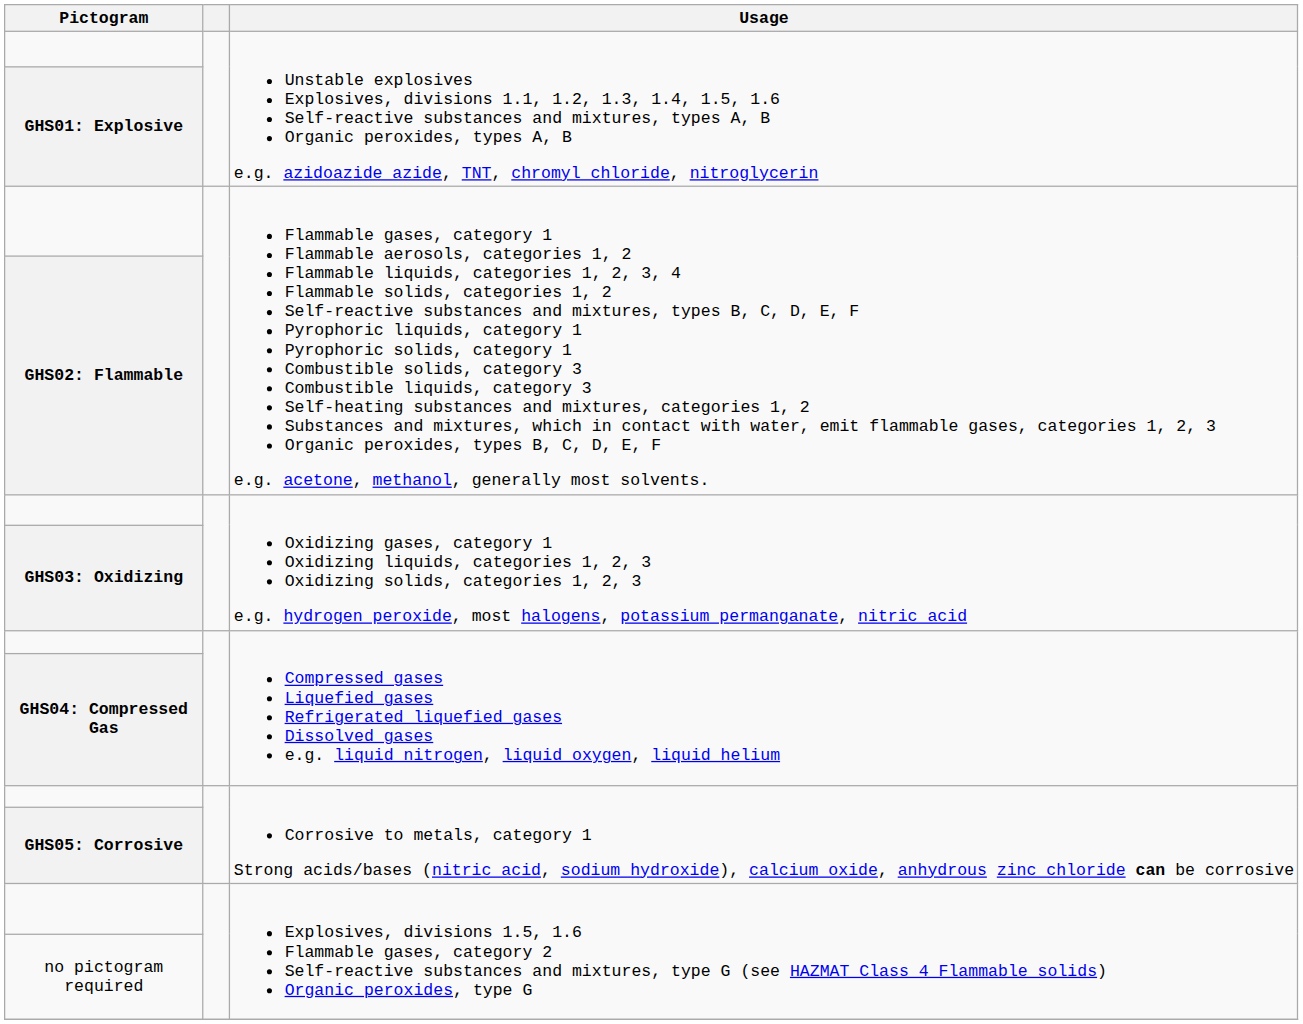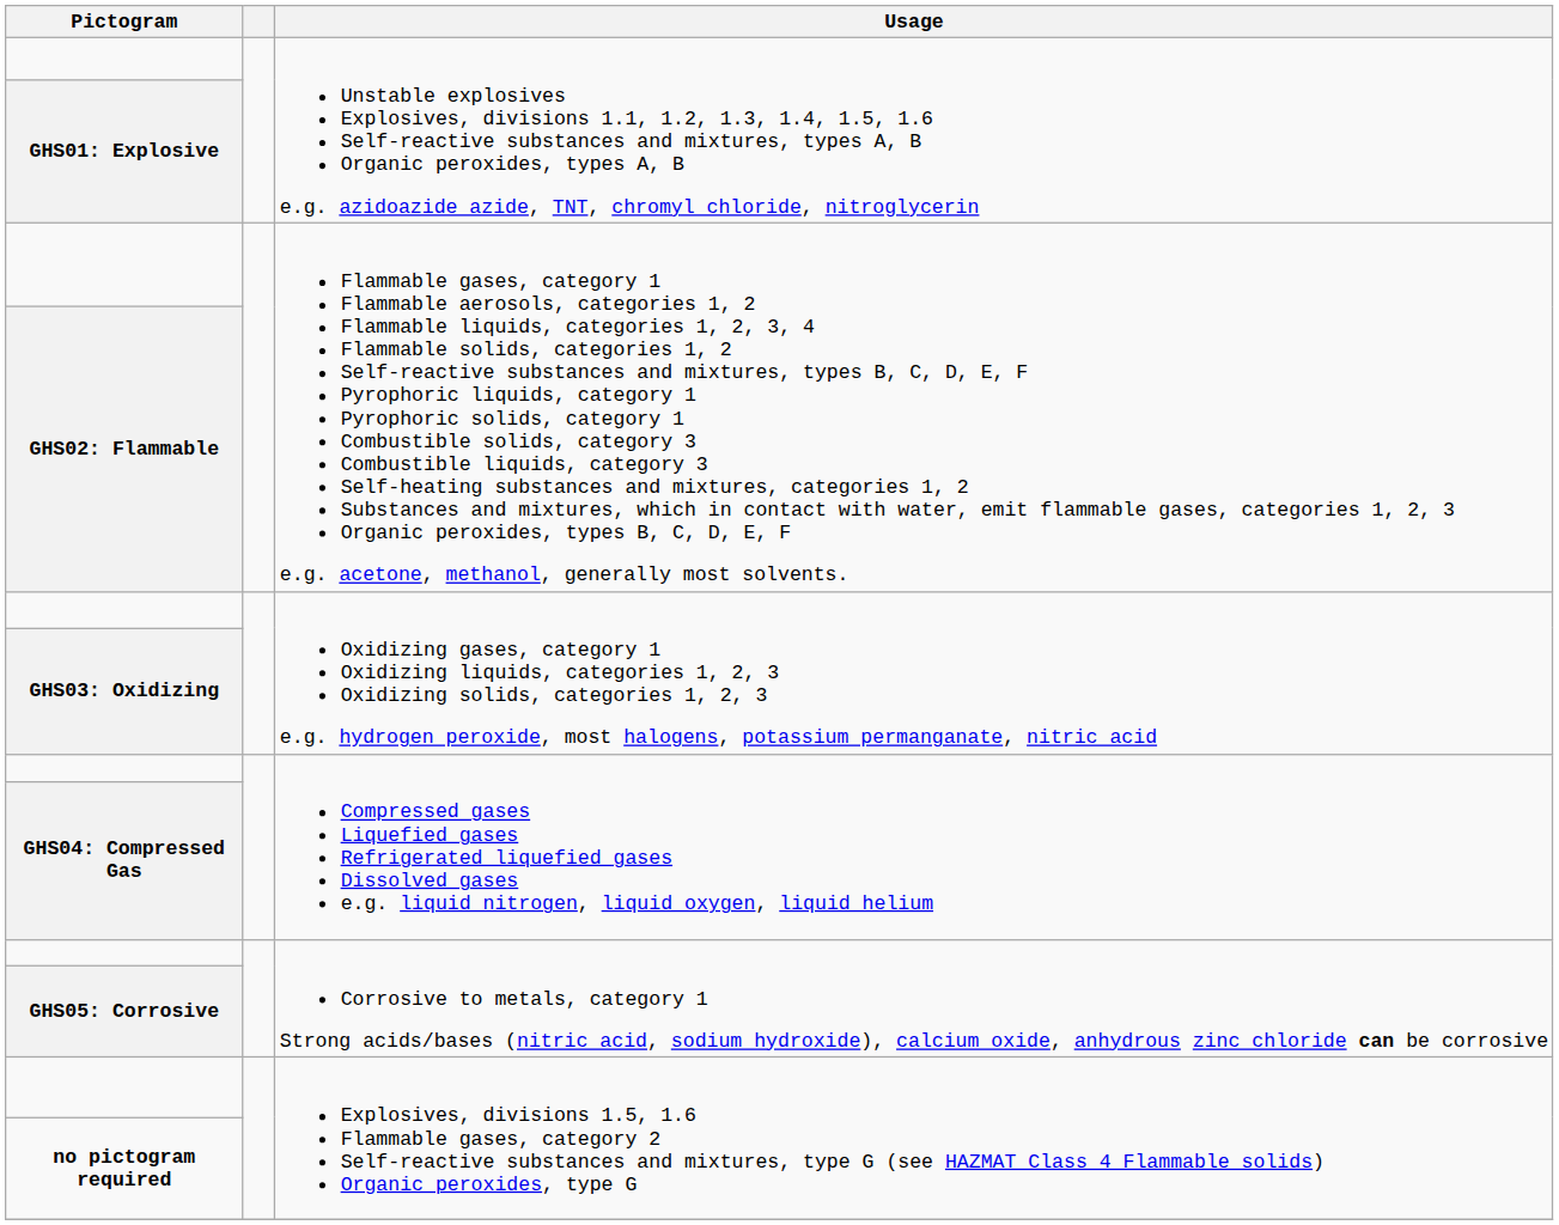 <table class="wikitable">
 <tr>
 <th>Pictogram</th>
 <th> </th>
 <th>Usage</th>
 </tr>
 <tr>
 <td width=150px align=center></td>
 <td rowspan=2 width=15px> </td>
 <td rowspan=2><br><ul><li>Unstable explosives</li><li>Explosives, divisions 1.1, 1.2, 1.3, 1.4, 1.5, 1.6</li><li>Self-reactive substances and mixtures, types A, B</li><li>Organic peroxides, types A, B</li></ul>e.g. <a href='#'>azidoazide azide</a>, <a href='#'>TNT</a>, <a href='#'>chromyl chloride</a>, <a href='#'>nitroglycerin</a></td>
 </tr>
 <tr>
 <th>GHS01: Explosive</th>
 </tr>
 <tr>
 <td width=150px align=center></td>
 <td rowspan=2 width=15px> </td>
 <td rowspan=2><br><ul><li>Flammable gases, category 1</li><li>Flammable aerosols, categories 1, 2</li><li>Flammable liquids, categories 1, 2, 3, 4</li><li>Flammable solids, categories 1, 2</li><li>Self-reactive substances and mixtures, types B, C, D, E, F</li><li>Pyrophoric liquids, category 1</li><li>Pyrophoric solids, category 1</li><li>Combustible solids, category 3</li><li>Combustible liquids, category 3</li><li>Self-heating substances and mixtures, categories 1, 2</li><li>Substances and mixtures, which in contact with water, emit flammable gases, categories 1, 2, 3</li><li>Organic peroxides, types B, C, D, E, F</li></ul>e.g. <a href='#'>acetone</a>, <a href='#'>methanol</a>, generally most solvents.</td>
 </tr>
 <tr>
 <th>GHS02: Flammable</th>
 </tr>
 <tr>
 <td width="150px" align="center"></td>
 <td rowspan="2" width="15px"> </td>
 <td rowspan="2"><br><ul><li>Oxidizing gases, category 1</li><li>Oxidizing liquids, categories 1, 2, 3</li><li>Oxidizing solids, categories 1, 2, 3</li></ul>e.g. <a href='#'>hydrogen peroxide</a>, most <a href='#'>halogens</a>, <a href='#'>potassium permanganate</a>, <a href='#'>nitric acid</a></td>
 </tr>
 <tr>
 <th>GHS03: Oxidizing</th>
 </tr>
 <tr>
 <td width="150px" align="center"></td>
 <td rowspan="2" width="15px"> </td>
 <td rowspan="2"><br><ul><li><a href='#'>Compressed gases</a></li><li><a href='#'>Liquefied gases</a></li><li><a href='#'>Refrigerated liquefied gases</a></li><li><a href='#'>Dissolved gases</a></li><li>e.g. <a href='#'>liquid nitrogen</a>, <a href='#'>liquid oxygen</a>, <a href='#'>liquid helium</a></li></ul></td>
 </tr>
 <tr>
 <th>GHS04: Compressed Gas</th>
 </tr>
 <tr>
 <td width="150px" align="center"></td>
 <td rowspan="2" width="15px"> </td>
 <td rowspan="2"><br><ul><li>Corrosive to metals, category 1</li></ul>Strong acids/bases (<a href='#'>nitric acid</a>, <a href='#'>sodium hydroxide</a>), <a href='#'>calcium oxide</a>, <a href='#'>anhydrous</a> <a href='#'>zinc chloride</a> <strong>can</strong> be corrosive</td>
 </tr>
 <tr>
 <th>GHS05: Corrosive</th>
 </tr>
 <tr>
 <td width=150px align=center> </td>
 <td rowspan=2 width=15px> </td>
 <td rowspan=2><br><ul><li>Explosives, divisions 1.5, 1.6</li><li>Flammable gases, category 2</li><li>Self-reactive substances and mixtures, type G  (see <a href='#'>HAZMAT Class 4 Flammable solids</a>)</li><li><a href='#'>Organic peroxides</a>, type G</li></ul></td>
 </tr>
 <tr>
-<td align=center>no pictogram required</td>
+<td align=center><strong>no pictogram required</strong></td>
 </tr>
 <tr>
 </tr>
 </table>
